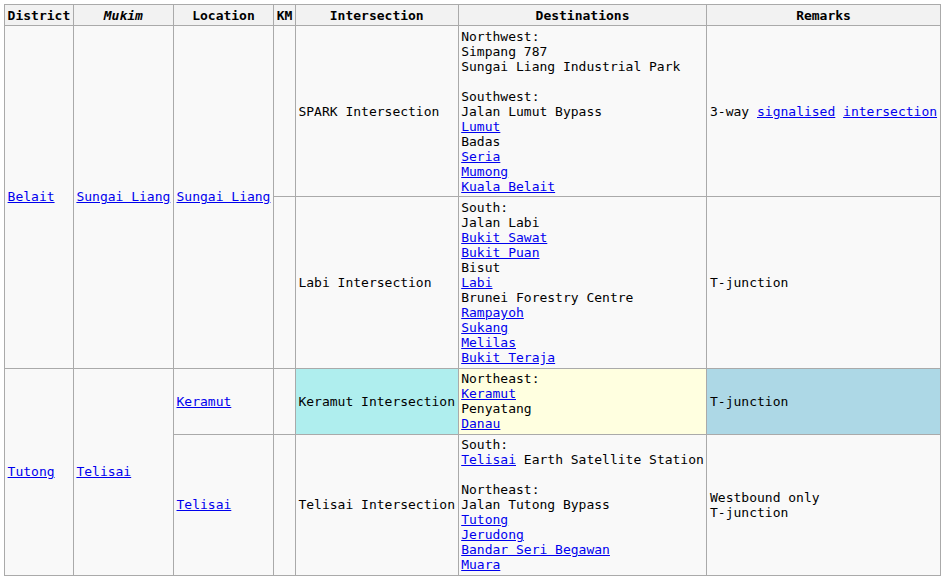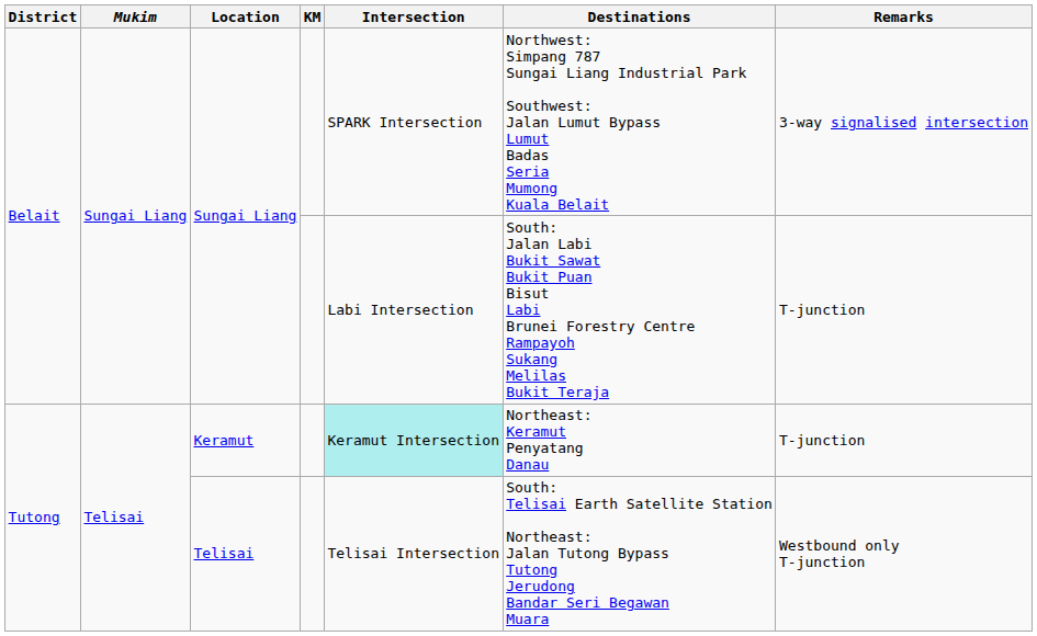 <table class="wikitable">
 <tr>
 <th>District</th>
 <th><em>Mukim</em></th>
 <th>Location</th>
 <th>KM</th>
 <th>Intersection</th>
 <th>Destinations</th>
 <th>Remarks</th>
 </tr>
 <tr>
 <td rowspan="2"><a href='#'>Belait</a></td>
 <td rowspan="2"><a href='#'>Sungai Liang</a></td>
 <td rowspan="2"><a href='#'>Sungai Liang</a></td>
 <td></td>
 <td>SPARK Intersection</td>
 <td>Northwest:<br>Simpang 787<br>Sungai Liang Industrial Park<br><br>Southwest:<br> Jalan Lumut Bypass<br><a href='#'>Lumut</a><br>Badas<br><a href='#'>Seria</a><br><a href='#'>Mumong</a><br><a href='#'>Kuala Belait</a></td>
 <td>3-way <a href='#'>signalised</a> <a href='#'>intersection</a></td>
 </tr>
 <tr>
 <td></td>
 <td>Labi Intersection</td>
 <td>South:<br>Jalan Labi<br><a href='#'>Bukit Sawat</a><br><a href='#'>Bukit Puan</a><br>Bisut<br><a href='#'>Labi</a><br>Brunei Forestry Centre<br><a href='#'>Rampayoh</a><br><a href='#'>Sukang</a><br><a href='#'>Melilas</a><br><a href='#'>Bukit Teraja</a></td>
 <td>T-junction</td>
 </tr>
 <tr>
 <td rowspan="2"><a href='#'>Tutong</a></td>
 <td rowspan="2"><a href='#'>Telisai</a></td>
 <td><a href='#'>Keramut</a></td>
 <td></td>
 <td style="background: paleturquoise;">Keramut Intersection</td>
-<td style="background: lightyellow;">Northeast:<br><a href='#'>Keramut</a><br>Penyatang<br><a href='#'>Danau</a></td>
-<td style="background: lightblue;">T-junction</td>
+<td>Northeast:<br><a href='#'>Keramut</a><br>Penyatang<br><a href='#'>Danau</a></td>
+<td>T-junction</td>
 </tr>
 <tr>
 <td><a href='#'>Telisai</a></td>
 <td></td>
 <td>Telisai Intersection</td>
 <td>South:<br><a href='#'>Telisai</a> Earth Satellite Station<br><br>Northeast:<br> Jalan Tutong Bypass<br><a href='#'>Tutong</a><br><a href='#'>Jerudong</a><br><a href='#'>Bandar Seri Begawan</a><br><a href='#'>Muara</a></td>
 <td>Westbound only<br>T-junction</td>
 </tr>
 <tr>
 </tr>
 </table>
